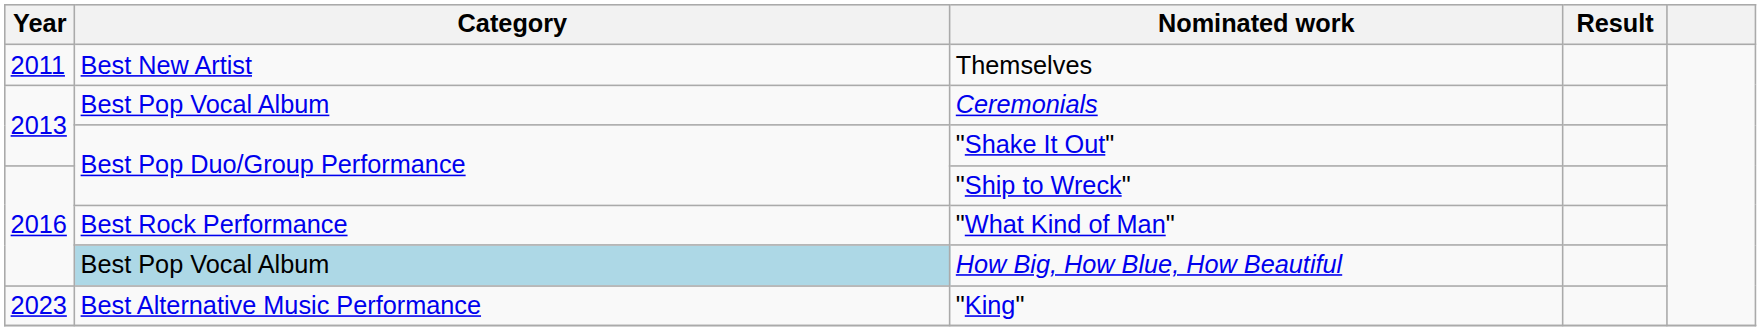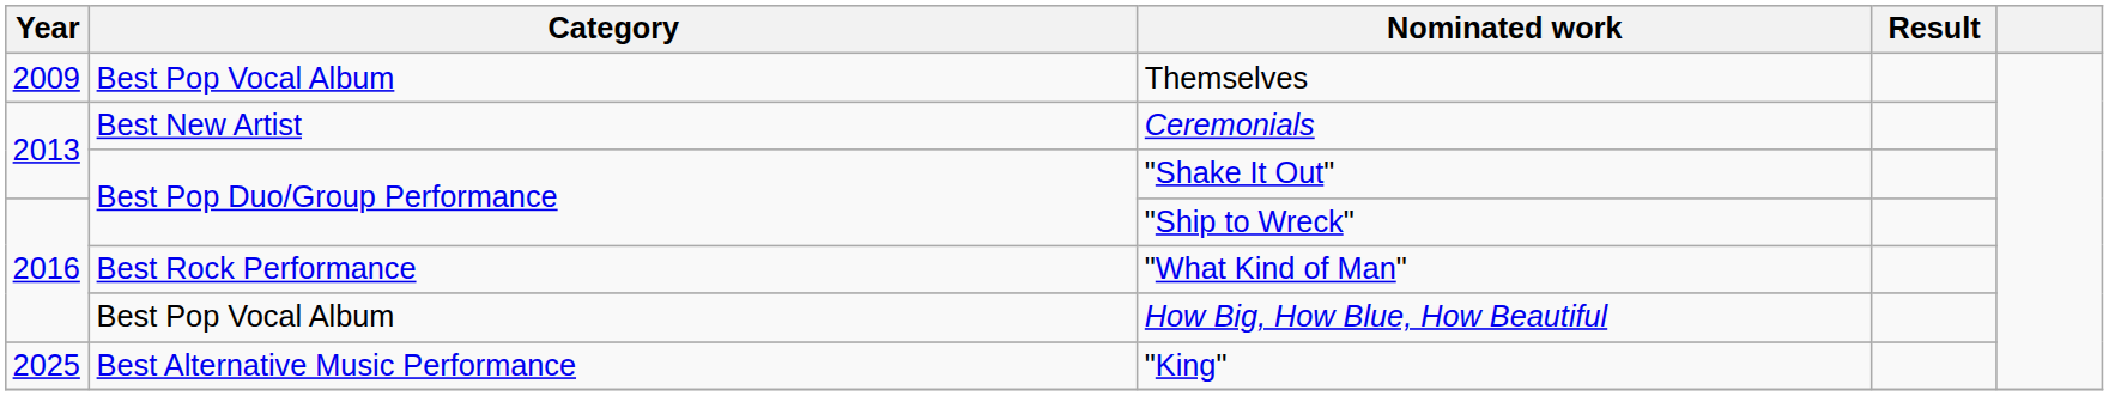 <table class="wikitable plainrowheaders" style="width:70%;">
 <tr>
 <th scope="col" style="width:4%;">Year</th>
 <th scope="col" style="width:50%;">Category</th>
 <th scope="col" style="width:35%;">Nominated work</th>
 <th scope="col" style="width:6%;">Result</th>
 <th scope="col" style="width:6%;"></th>
 </tr>
 <tr>
-<td><a href='#'>2011</a></td>
-<td><a href='#'>Best New Artist</a></td>
+<td><a href='#'>2009</a></td>
+<td><a href='#'>Best Pop Vocal Album</a></td>
 <td>Themselves</td>
 <td></td>
 <td rowspan=7 style="text-align:center;"></td>
 </tr>
 <tr>
 <td rowspan=2><a href='#'>2013</a></td>
-<td><a href='#'>Best Pop Vocal Album</a></td>
+<td><a href='#'>Best New Artist</a></td>
 <td><em><a href='#'>Ceremonials</a></em></td>
 <td></td>
 </tr>
 <tr>
 <td rowspan="2"><a href='#'>Best Pop Duo/Group Performance</a></td>
 <td>"<a href='#'>Shake It Out</a>"</td>
 <td></td>
 </tr>
 <tr>
 <td rowspan=3><a href='#'>2016</a></td>
 <td>"<a href='#'>Ship to Wreck</a>"</td>
 <td></td>
 </tr>
 <tr>
 <td><a href='#'>Best Rock Performance</a></td>
 <td>"<a href='#'>What Kind of Man</a>"</td>
 <td></td>
 </tr>
 <tr>
-<td style="background: lightblue;">Best Pop Vocal Album</td>
+<td>Best Pop Vocal Album</td>
 <td><em><a href='#'>How Big, How Blue, How Beautiful</a></em></td>
 <td></td>
 </tr>
 <tr>
-<td><a href='#'>2023</a></td>
+<td><a href='#'>2025</a></td>
 <td><a href='#'>Best Alternative Music Performance</a></td>
 <td>"<a href='#'>King</a>"</td>
 <td></td>
 </tr>
 <tr>
 </tr>
 </table>
